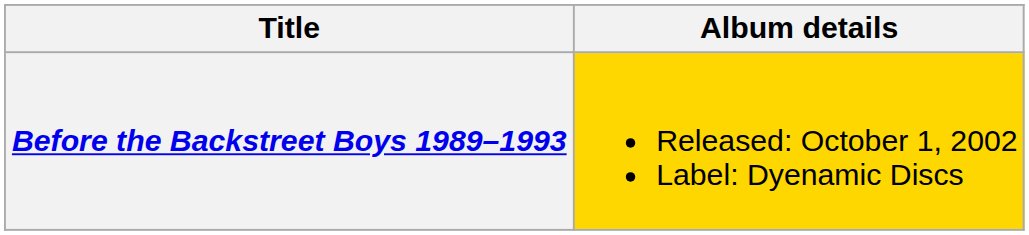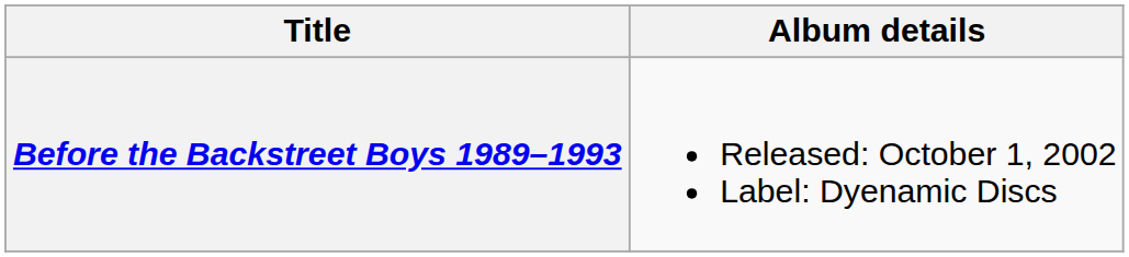 <table class="wikitable plainrowheaders">
 <tr>
 <th>Title</th>
 <th>Album details</th>
 </tr>
 <tr>
 <th scope="row"><em><a href='#'>Before the Backstreet Boys 1989–1993</a></em></th>
-<td style="background: gold;"><br><ul><li>Released: October 1, 2002</li><li>Label: Dyenamic Discs</li></ul></td>
+<td><br><ul><li>Released: October 1, 2002</li><li>Label: Dyenamic Discs</li></ul></td>
 </tr>
 </table>
